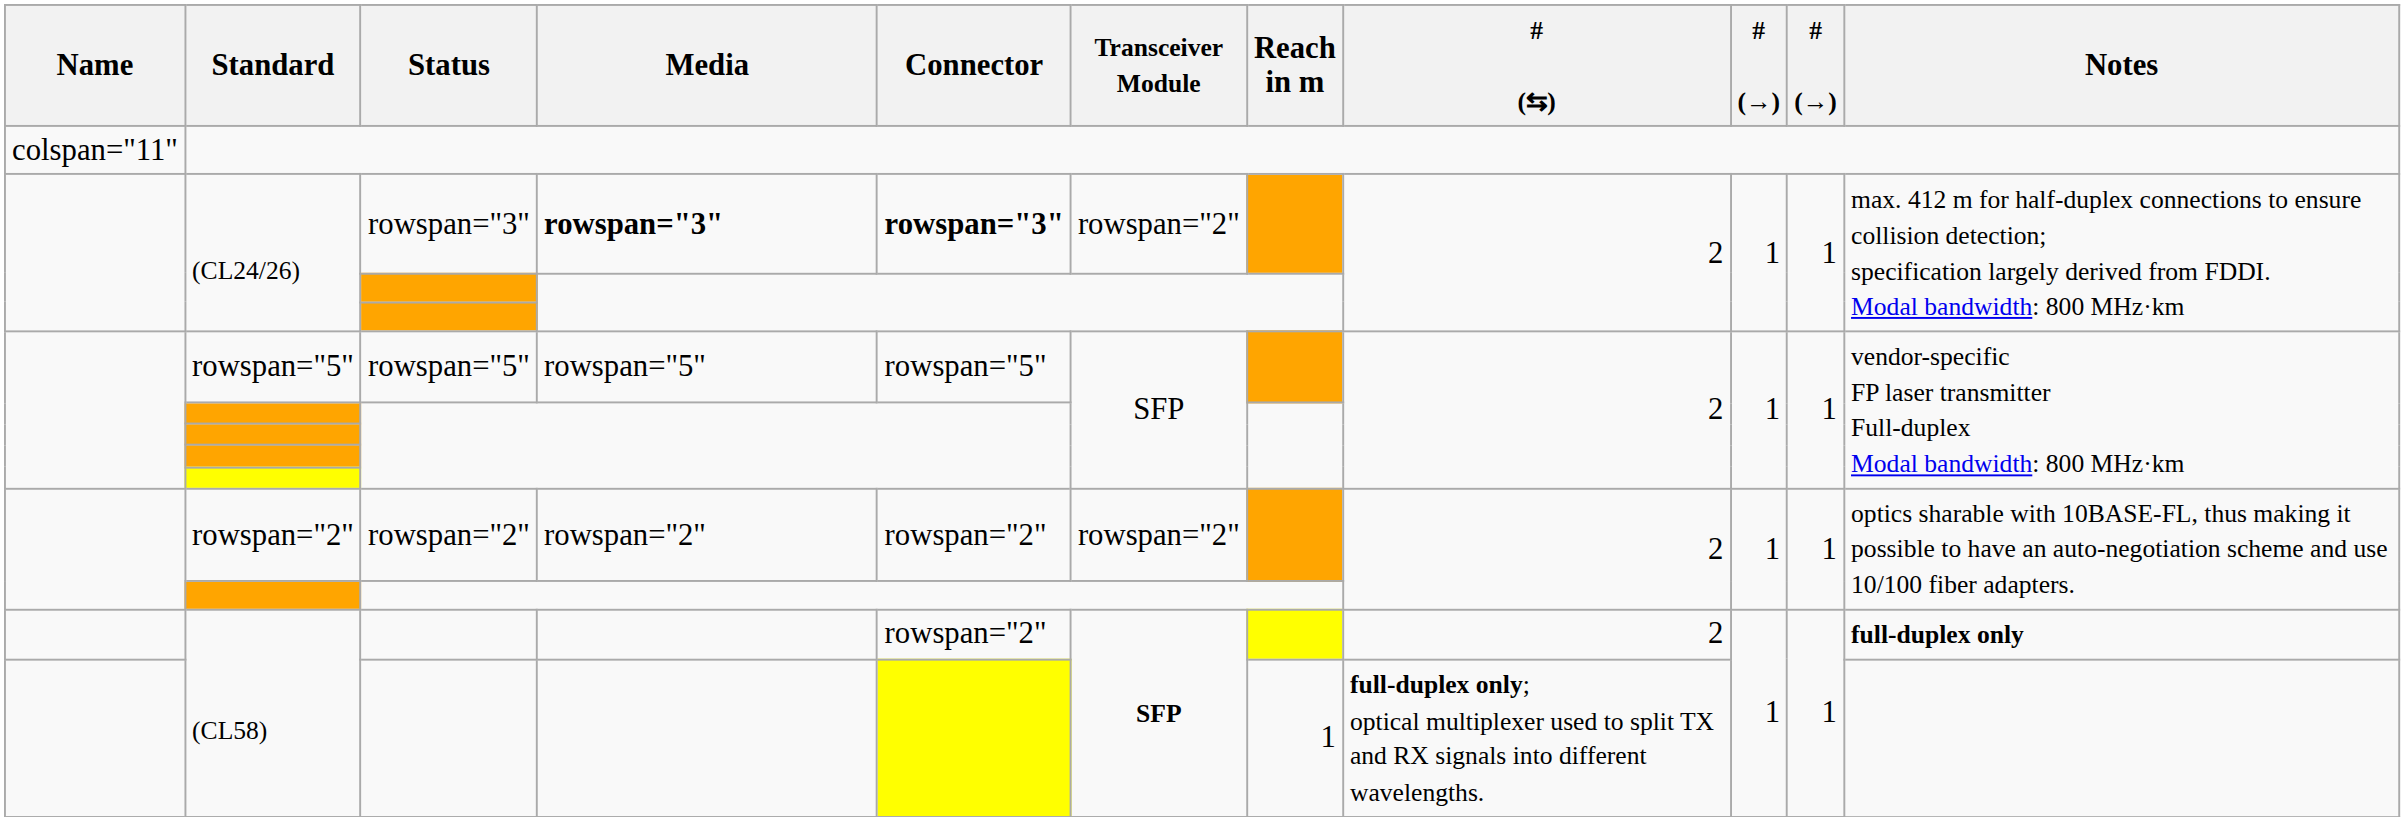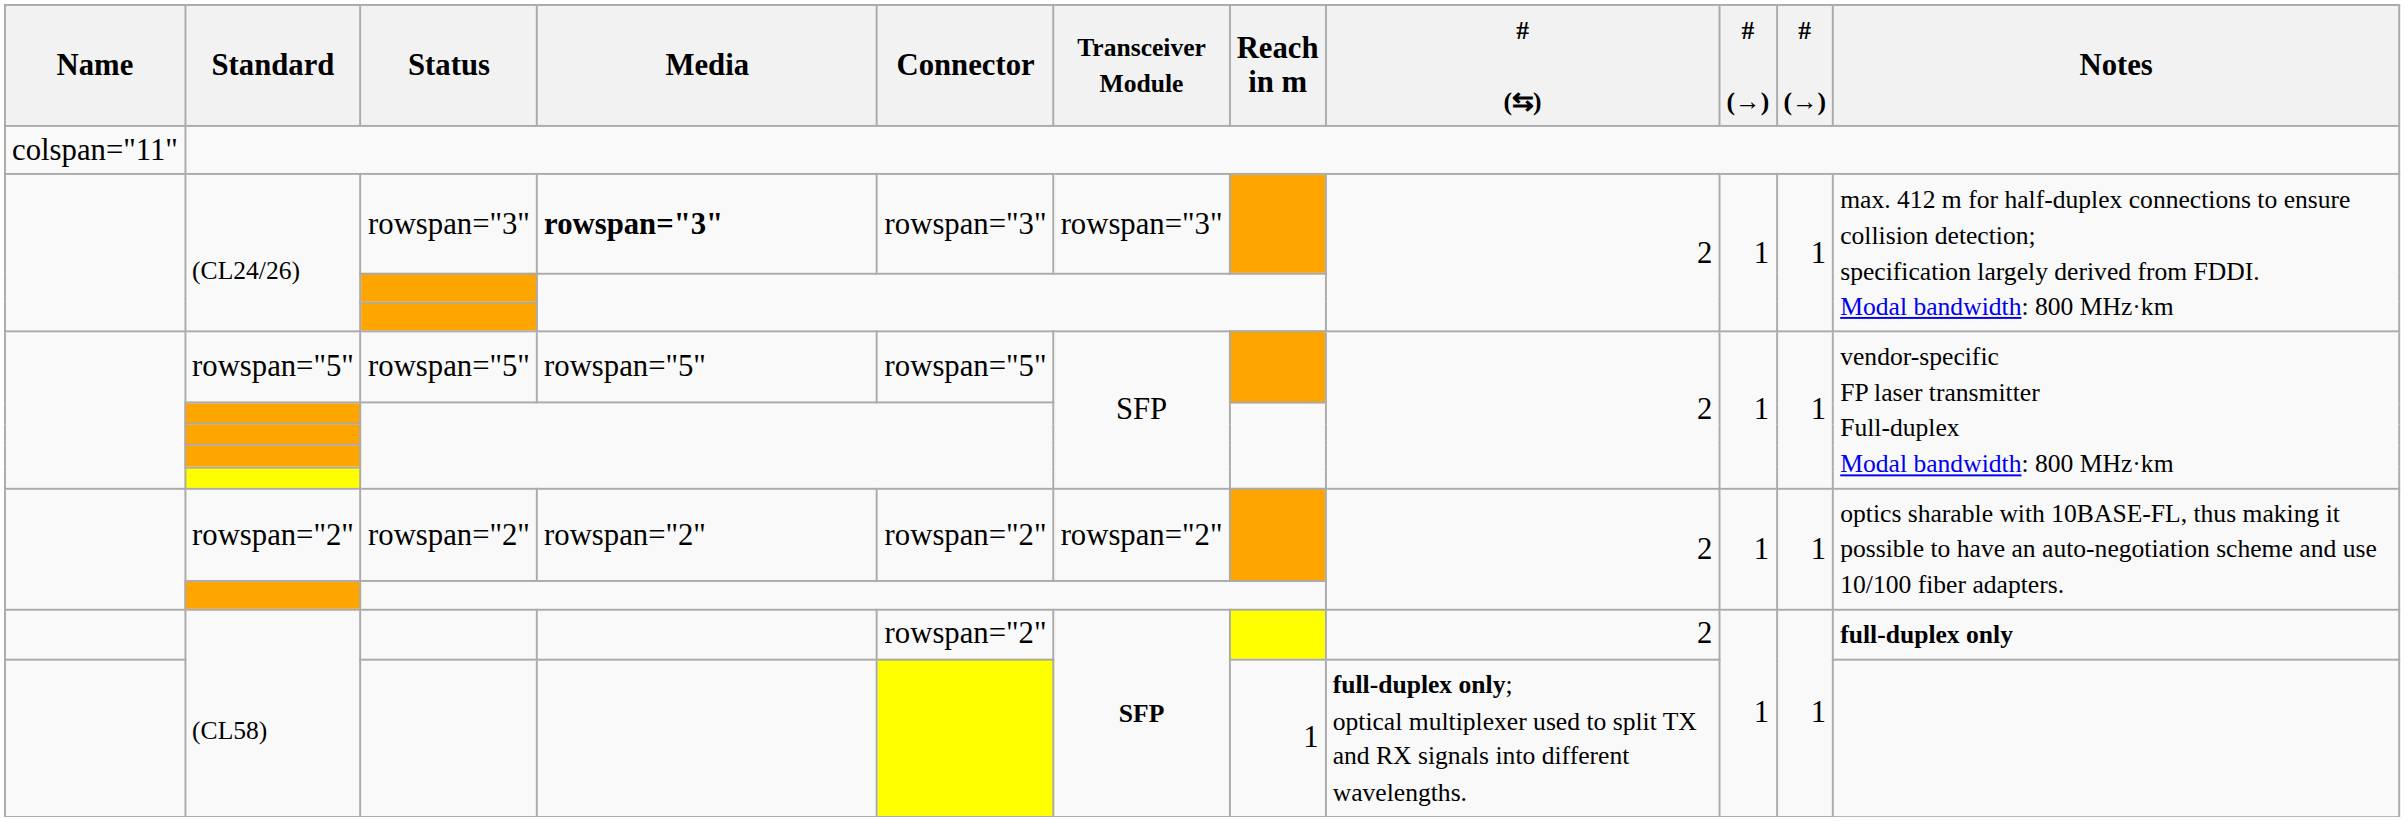 <table class="wikitable" style="line-height:110%;">
 <tr>
 <th>Name</th>
 <th>Standard</th>
 <th>Status</th>
 <th style="width: 170px;">Media</th>
 <th>Connector</th>
 <th><small>Transceiver<br>Module</small></th>
 <th>Reach<br>in m</th>
 <th><small>#<br><br>(⇆)</small></th>
 <th><small>#<br><br>(→)</small></th>
 <th><small>#<br><br>(→)</small></th>
 <th>Notes</th>
 </tr>
 <tr>
 <td>colspan="11" </td>
 </tr>
 <tr>
 <td rowspan="3"></td>
 <td rowspan="3"><br><small>(CL24/26)</small></td>
 <td>rowspan="3" </td>
 <td><strong>rowspan="3" </strong></td>
-<td><strong>rowspan="3" </strong></td>
-<td>rowspan="2" </td>
+<td>rowspan="3" </td>
+<td>rowspan="3" </td>
 <td style="background-color:orange"></td>
 <td rowspan="3" align="right">2</td>
 <td rowspan="3" align="right">1</td>
 <td rowspan="3" align="right">1</td>
 <td rowspan="3"><small>max. 412 m for half-duplex connections to ensure collision detection;<br>specification largely derived from FDDI.<br><a href='#'>Modal bandwidth</a>: 800 MHz·km</small> </td>
 </tr>
 <tr>
 <td style="background-color:orange"></td>
 </tr>
 <tr>
 <td style="background-color:orange"></td>
 </tr>
 <tr>
 <td rowspan="5"></td>
 <td>rowspan="5" </td>
 <td>rowspan="5" </td>
 <td>rowspan="5" </td>
 <td>rowspan="5" </td>
 <td rowspan="5" align="center">SFP</td>
 <td style="background-color:orange"></td>
 <td rowspan="5" align="right">2</td>
 <td rowspan="5" align="right">1</td>
 <td rowspan="5" align="right">1</td>
 <td rowspan="5"><small>vendor-specific<br> FP laser transmitter<br>Full-duplex<br><a href='#'>Modal bandwidth</a>: 800 MHz·km</small> </td>
 </tr>
 <tr>
 <td style="background-color:orange"></td>
 </tr>
 <tr>
 <td style="background-color:orange"></td>
 </tr>
 <tr>
 <td style="background-color:orange"></td>
 </tr>
 <tr>
 <td style="background-color:yellow"></td>
 </tr>
 <tr>
 <td rowspan="2"></td>
 <td>rowspan="2" </td>
 <td>rowspan="2" </td>
 <td>rowspan="2" </td>
 <td>rowspan="2" </td>
 <td>rowspan="2" </td>
 <td style="background-color:orange"></td>
 <td rowspan="2" align="right">2</td>
 <td rowspan="2" align="right">1</td>
 <td rowspan="2" align="right">1</td>
 <td rowspan="2"><small>optics sharable with 10BASE-FL, thus making it possible to have an auto-negotiation scheme and use 10/100 fiber adapters.</small></td>
 </tr>
 <tr>
 <td style="background-color:orange"></td>
 </tr>
 <tr>
 <td></td>
 <td rowspan="2"><br><small>(CL58)</small></td>
 <td></td>
 <td></td>
 <td>rowspan="2" </td>
 <td rowspan="2" align="center"><small><strong>SFP</strong></small></td>
 <td style="background-color:yellow"></td>
 <td style="text-align:right;">2</td>
 <td rowspan="2" align="right">1</td>
 <td rowspan="2" align="right">1</td>
 <td><small><strong>full-duplex only</strong></small></td>
 </tr>
 <tr>
 <td></td>
 <td></td>
 <td></td>
 <td style="background-color:yellow"></td>
 <td style="text-align:right;">1</td>
 <td><small><strong>full-duplex only</strong>;<br>optical multiplexer used to split TX and RX signals into different wavelengths.</small></td>
 </tr>
 <tr>
 </tr>
 </table>
